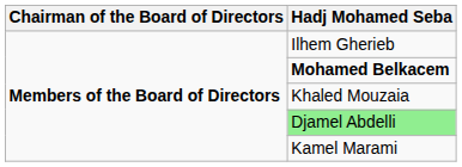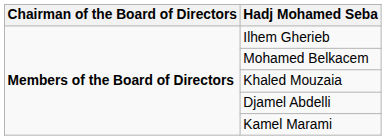 <table class="wikitable">
 <tr>
 <th>Chairman of the Board of Directors</th>
 <th>Hadj Mohamed Seba</th>
 </tr>
 <tr>
 <td rowspan="5"><strong>Members of the Board of Directors</strong></td>
 <td>Ilhem Gherieb</td>
 </tr>
 <tr>
-<td><strong>Mohamed Belkacem</strong></td>
+<td>Mohamed Belkacem</td>
 </tr>
 <tr>
 <td>Khaled Mouzaia</td>
 </tr>
 <tr>
-<td style="background: lightgreen;">Djamel Abdelli</td>
+<td>Djamel Abdelli</td>
 </tr>
 <tr>
 <td>Kamel Marami</td>
 </tr>
 </table>
